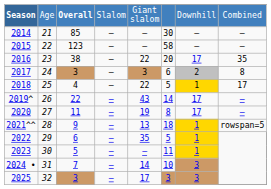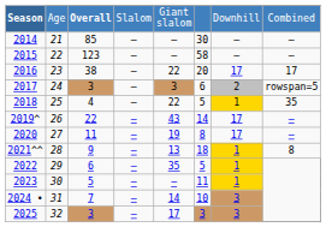 <table class="wikitable"  style="font-size:95%; text-align:center; border:gray solid 1px; width:40%;">
 <tr style="background:#369; color:white;">
 <td rowspan="2" style="width:6%;"><strong>Season</strong></td>
 </tr>
 <tr style="background:#4180be; color:white;">
 <td style="width:3%;">Age</td>
 <td style="width:5%;"><strong>Overall</strong></td>
 <td style="width:5%;">Slalom</td>
 <td style="width:5%;">Giant<br>slalom</td>
 <td style="width:5%;"></td>
 <td style="width:5%;">Downhill</td>
 <td style="width:5%;">Combined</td>
 </tr>
 <tr>
 <td><a href='#'>2014</a></td>
 <td><em>21</em></td>
 <td>85</td>
 <td>—</td>
 <td>—</td>
 <td>30</td>
 <td>—</td>
 <td>—</td>
 </tr>
 <tr>
 <td><a href='#'>2015</a></td>
 <td><em>22</em></td>
 <td>123</td>
 <td>—</td>
 <td>—</td>
 <td>58</td>
 <td>—</td>
 <td>—</td>
 </tr>
 <tr>
 <td><a href='#'>2016</a></td>
 <td><em>23</em></td>
 <td>38</td>
 <td>—</td>
 <td>22</td>
 <td>20</td>
 <td><a href='#'>17</a></td>
-<td>35</td>
+<td>17</td>
 </tr>
 <tr>
 <td><a href='#'>2017</a></td>
 <td><em>24</em></td>
 <td bgcolor="cc9966">3</td>
 <td>—</td>
 <td bgcolor="cc9966">3</td>
 <td>6</td>
 <td style="background:silver;">2</td>
-<td>8</td>
+<td>rowspan=5 </td>
 </tr>
 <tr>
 <td><a href='#'>2018</a></td>
 <td><em>25</em></td>
 <td>4</td>
 <td>—</td>
 <td>22</td>
 <td>5</td>
 <td style="background:gold;">1</td>
-<td>17</td>
+<td>35</td>
 </tr>
 <tr>
 <td><a href='#'>2019</a>^</td>
 <td><em>26</em></td>
 <td><a href='#'>22</a></td>
 <td><a href='#'>—</a></td>
 <td><a href='#'>43</a></td>
 <td><a href='#'>14</a></td>
 <td><a href='#'>17</a></td>
 <td><a href='#'>—</a></td>
 </tr>
 <tr>
 <td><a href='#'>2020</a></td>
 <td><em>27</em></td>
 <td><a href='#'>11</a></td>
 <td><a href='#'>—</a></td>
 <td><a href='#'>19</a></td>
 <td><a href='#'>8</a></td>
 <td><a href='#'>17</a></td>
 <td><a href='#'>—</a></td>
 </tr>
 <tr>
 <td><a href='#'>2021</a>^^</td>
 <td><em>28</em></td>
 <td><a href='#'>9</a></td>
 <td><a href='#'>—</a></td>
 <td><a href='#'>13</a></td>
 <td><a href='#'>18</a></td>
 <td style="background:gold;"><a href='#'>1</a></td>
-<td>rowspan=5 </td>
+<td>8</td>
 </tr>
 <tr>
 <td><a href='#'>2022</a></td>
 <td><em>29</em></td>
 <td><a href='#'>6</a></td>
 <td><a href='#'>—</a></td>
 <td><a href='#'>35</a></td>
 <td><a href='#'>5</a></td>
 <td style="background:gold;"><a href='#'>1</a></td>
 </tr>
 <tr>
 <td><a href='#'>2023</a></td>
 <td><em>30</em></td>
 <td><a href='#'>5</a></td>
 <td><a href='#'>—</a></td>
 <td><a href='#'>—</a></td>
 <td><a href='#'>11</a></td>
 <td style="background:gold;"><a href='#'>1</a></td>
 </tr>
 <tr>
 <td><a href='#'>2024</a> •</td>
 <td><em>31</em></td>
 <td><a href='#'>7</a></td>
 <td><a href='#'>—</a></td>
 <td><a href='#'>14</a></td>
 <td><a href='#'>10</a></td>
 <td bgcolor="cc9966"><a href='#'>3</a></td>
 </tr>
 <tr>
 <td><a href='#'>2025</a></td>
 <td><em>32</em></td>
 <td bgcolor="cc9966"><a href='#'>3</a></td>
 <td><a href='#'>—</a></td>
 <td><a href='#'> 17</a></td>
 <td bgcolor="cc9966"><a href='#'> 3</a></td>
 <td bgcolor="cc9966"><a href='#'>3</a></td>
 </tr>
 </table>
